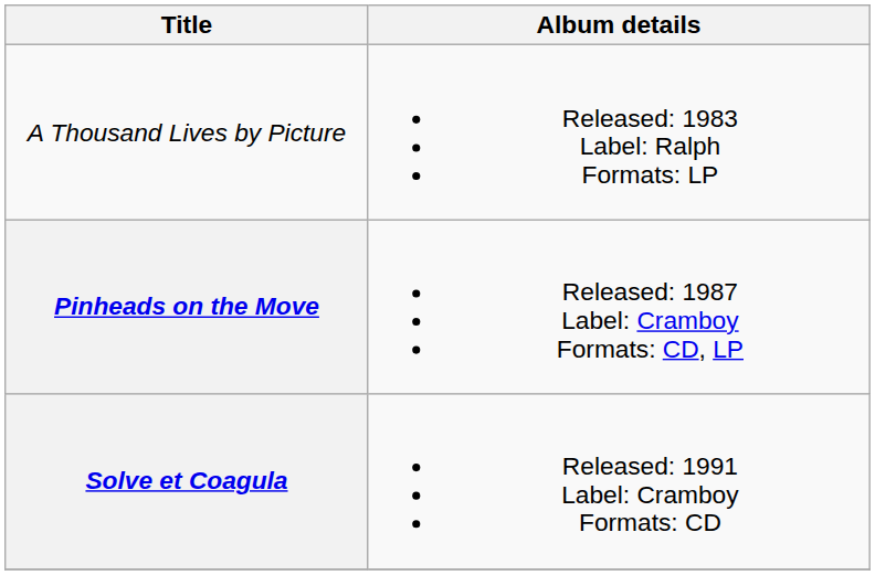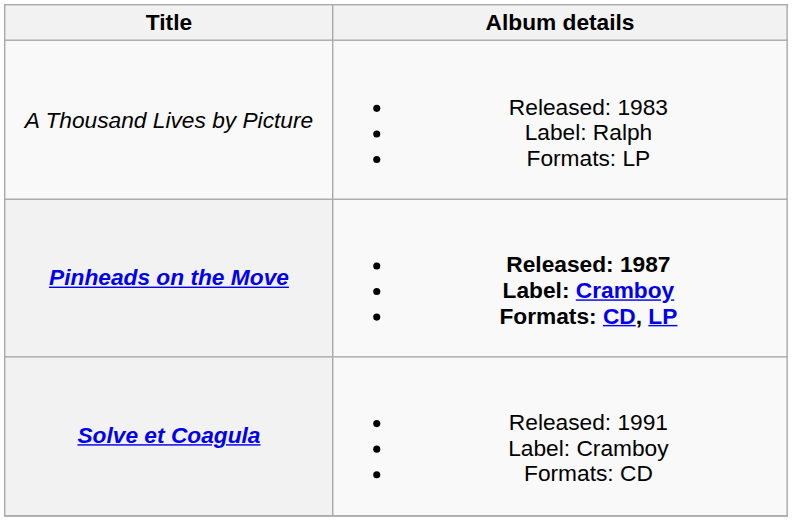 <table class="wikitable plainrowheaders" style="text-align:center;">
 <tr>
 <th scope="col" rowspan="1" style="width:14em;">Title</th>
 <th scope="col" rowspan="1" style="width:19.5em;">Album details</th>
 </tr>
 <tr>
 <td><em>A Thousand Lives by Picture</em></td>
 <td><br><ul><li>Released: 1983</li><li>Label: Ralph</li><li>Formats: LP</li></ul></td>
 </tr>
 <tr>
 <th scope="row"><em><a href='#'>Pinheads on the Move</a></em></th>
-<td><br><ul><li>Released: 1987</li><li>Label: <a href='#'>Cramboy</a></li><li>Formats: <a href='#'>CD</a>, <a href='#'>LP</a></li></ul></td>
+<td><strong><br><ul><li>Released: 1987</li><li>Label: <a href='#'>Cramboy</a></li><li>Formats: <a href='#'>CD</a>, <a href='#'>LP</a></li></ul></strong></td>
 </tr>
 <tr>
 <th scope="row"><em><a href='#'>Solve et Coagula</a></em></th>
 <td><br><ul><li>Released: 1991</li><li>Label: Cramboy</li><li>Formats: CD</li></ul></td>
 </tr>
 <tr>
 </tr>
 </table>
